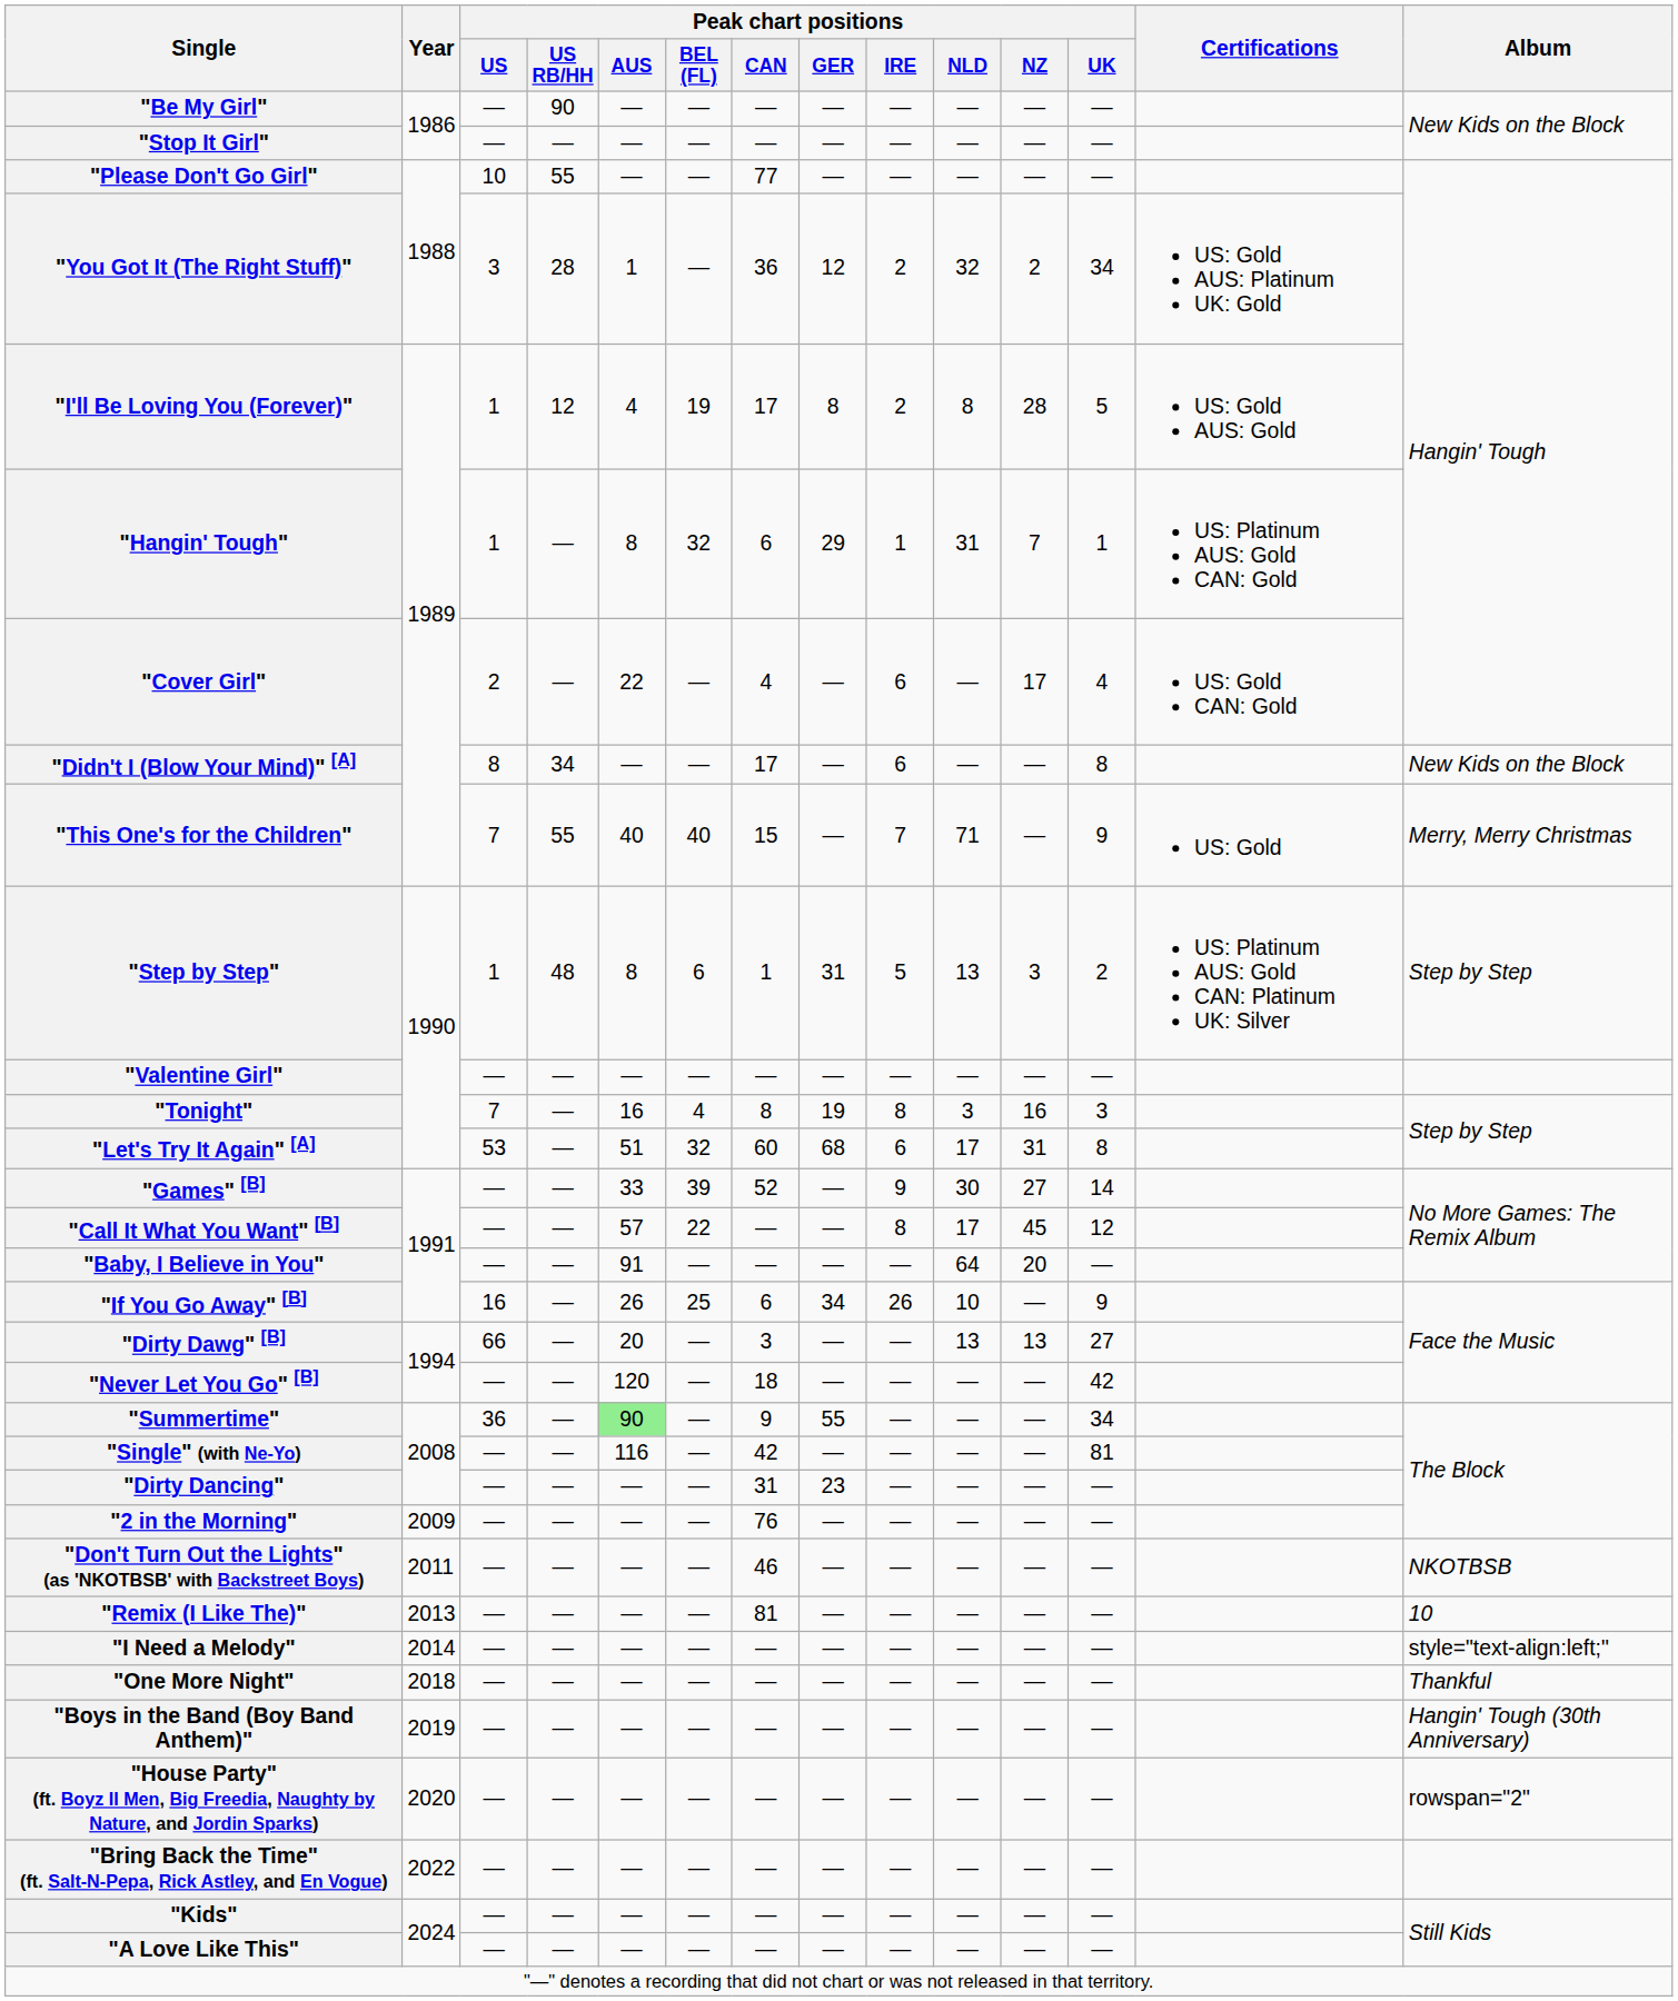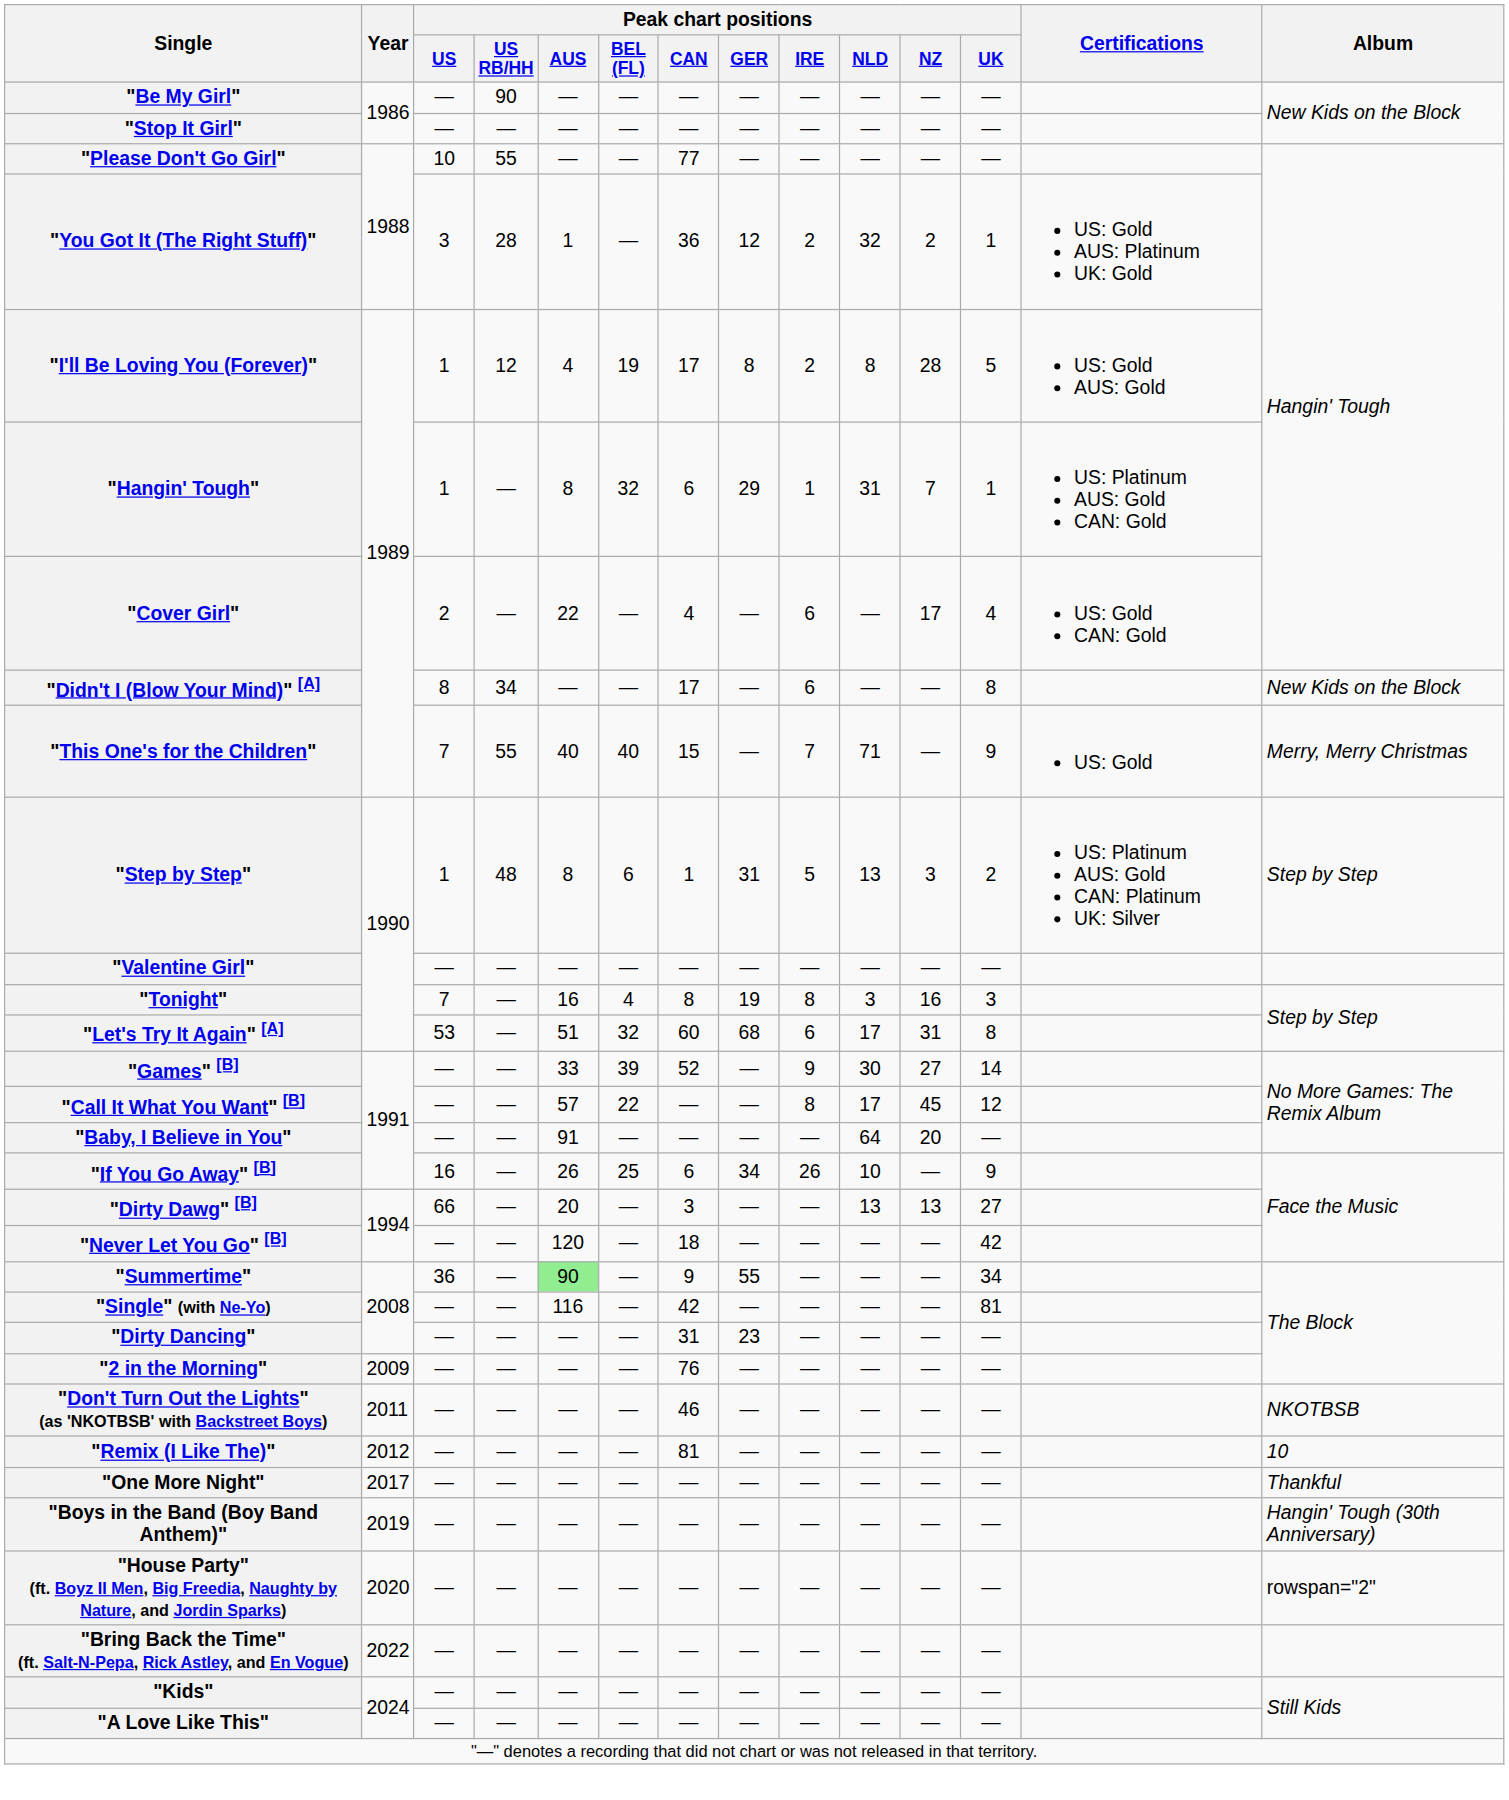 <table class="wikitable plainrowheaders">
 <tr>
 <th scope="col" rowspan="2" style="width:18em;">Single</th>
 <th scope="col" rowspan="2">Year</th>
 <th scope="col" colspan="10">Peak chart positions</th>
 <th scope="col" rowspan="2" style="width:12em;"><a href='#'>Certifications</a></th>
 <th scope="col" rowspan="2" style="width:12em;">Album</th>
 </tr>
 <tr>
 <th scope="col" style="width:3em;font-size:90%"><a href='#'>US</a><br></th>
 <th scope="col" style="width:3em;font-size:90%"><a href='#'>US<br>RB/HH</a><br></th>
 <th scope="col" style="width:3em;font-size:90%;"><a href='#'>AUS</a><br></th>
 <th scope="col" style="width:3em;font-size:90%;"><a href='#'>BEL<br>(FL)</a><br></th>
 <th scope="col" style="width:3em;font-size:90%;"><a href='#'>CAN</a><br></th>
 <th scope="col" style="width:3em;font-size:90%;"><a href='#'>GER</a><br></th>
 <th scope="col" style="width:3em;font-size:90%;"><a href='#'>IRE</a><br></th>
 <th scope="col" style="width:3em;font-size:90%;"><a href='#'>NLD</a><br></th>
 <th scope="col" style="width:3em;font-size:90%;"><a href='#'>NZ</a><br></th>
 <th scope="col" style="width:3em;font-size:90%;"><a href='#'>UK</a><br></th>
 </tr>
 <tr>
 <th scope="row">"<a href='#'>Be My Girl</a>"</th>
 <td rowspan="2">1986</td>
 <td align="center">—</td>
 <td align="center">90</td>
 <td align="center">—</td>
 <td align="center">—</td>
 <td align="center">—</td>
 <td align="center">—</td>
 <td align="center">—</td>
 <td align="center">—</td>
 <td align="center">—</td>
 <td align="center">—</td>
 <td></td>
 <td style="text-align:left;" rowspan="2"><em>New Kids on the Block</em></td>
 </tr>
 <tr>
 <th scope="row">"<a href='#'>Stop It Girl</a>"</th>
 <td align="center">—</td>
 <td align="center">—</td>
 <td align="center">—</td>
 <td align="center">—</td>
 <td align="center">—</td>
 <td align="center">—</td>
 <td align="center">—</td>
 <td align="center">—</td>
 <td align="center">—</td>
 <td align="center">—</td>
 <td></td>
 </tr>
 <tr>
 <th scope="row">"<a href='#'>Please Don't Go Girl</a>"</th>
 <td rowspan="2">1988</td>
 <td align="center">10</td>
 <td align="center">55</td>
 <td align="center">—</td>
 <td align="center">—</td>
 <td align="center">77</td>
 <td align="center">—</td>
 <td align="center">—</td>
 <td align="center">—</td>
 <td align="center">—</td>
 <td align="center">—</td>
 <td></td>
 <td style="text-align:left;" rowspan="5"><em>Hangin' Tough</em></td>
 </tr>
 <tr>
 <th scope="row">"<a href='#'>You Got It (The Right Stuff)</a>"</th>
 <td align="center">3</td>
 <td align="center">28</td>
 <td align="center">1</td>
 <td align="center">—</td>
 <td align="center">36</td>
 <td align="center">12</td>
 <td align="center">2</td>
 <td align="center">32</td>
 <td align="center">2</td>
-<td align="center">34</td>
+<td align="center">1</td>
 <td><br><ul><li>US: Gold</li><li>AUS: Platinum</li><li>UK: Gold</li></ul></td>
 </tr>
 <tr>
 <th scope="row">"<a href='#'>I'll Be Loving You (Forever)</a>"</th>
 <td rowspan="5">1989</td>
 <td align="center">1</td>
 <td align="center">12</td>
 <td align="center">4</td>
 <td align="center">19</td>
 <td align="center">17</td>
 <td align="center">8</td>
 <td align="center">2</td>
 <td align="center">8</td>
 <td align="center">28</td>
 <td align="center">5</td>
 <td><br><ul><li>US: Gold</li><li>AUS: Gold</li></ul></td>
 </tr>
 <tr>
 <th scope="row">"<a href='#'>Hangin' Tough</a>"</th>
 <td align="center">1</td>
 <td align="center">—</td>
 <td align="center">8</td>
 <td align="center">32</td>
 <td align="center">6</td>
 <td align="center">29</td>
 <td align="center">1</td>
 <td align="center">31</td>
 <td align="center">7</td>
 <td align="center">1</td>
 <td><br><ul><li>US: Platinum</li><li>AUS: Gold</li><li>CAN: Gold</li></ul></td>
 </tr>
 <tr>
 <th scope="row">"<a href='#'>Cover Girl</a>"</th>
 <td align="center">2</td>
 <td align="center">—</td>
 <td align="center">22</td>
 <td align="center">—</td>
 <td align="center">4</td>
 <td align="center">—</td>
 <td align="center">6</td>
 <td align="center">—</td>
 <td align="center">17</td>
 <td align="center">4</td>
 <td><br><ul><li>US: Gold</li><li>CAN: Gold</li></ul></td>
 </tr>
 <tr>
 <th scope="row">"<a href='#'>Didn't I (Blow Your Mind)</a>" <sup><span></span><a href='#'><strong>[A]</strong></a></sup></th>
 <td align="center">8</td>
 <td align="center">34</td>
 <td align="center">—</td>
 <td align="center">—</td>
 <td align="center">17</td>
 <td align="center">—</td>
 <td align="center">6</td>
 <td align="center">—</td>
 <td align="center">—</td>
 <td align="center">8</td>
 <td></td>
 <td style="text-align:left;" rowspan="1"><em>New Kids on the Block</em></td>
 </tr>
 <tr>
 <th scope="row">"<a href='#'>This One's for the Children</a>"</th>
 <td align="center">7</td>
 <td align="center">55</td>
 <td align="center">40</td>
 <td align="center">40</td>
 <td align="center">15</td>
 <td align="center">—</td>
 <td align="center">7</td>
 <td align="center">71</td>
 <td align="center">—</td>
 <td align="center">9</td>
 <td><br><ul><li>US: Gold</li></ul></td>
 <td style="text-align:left;"><em>Merry, Merry Christmas</em></td>
 </tr>
 <tr>
 <th scope="row">"<a href='#'>Step by Step</a>"</th>
 <td rowspan="4">1990</td>
 <td align="center">1</td>
 <td align="center">48</td>
 <td align="center">8</td>
 <td align="center">6</td>
 <td align="center">1</td>
 <td align="center">31</td>
 <td align="center">5</td>
 <td align="center">13</td>
 <td align="center">3</td>
 <td align="center">2</td>
 <td><br><ul><li>US: Platinum</li><li>AUS: Gold</li><li>CAN: Platinum</li><li>UK: Silver</li></ul></td>
 <td style="text-align:left;"><em>Step by Step</em></td>
 </tr>
 <tr>
 <th scope="row">"<a href='#'>Valentine Girl</a>"</th>
 <td align="center">—</td>
 <td align="center">—</td>
 <td align="center">—</td>
 <td align="center">—</td>
 <td align="center">—</td>
 <td align="center">—</td>
 <td align="center">—</td>
 <td align="center">—</td>
 <td align="center">—</td>
 <td align="center">—</td>
 <td></td>
 <td></td>
 </tr>
 <tr>
 <th scope="row">"<a href='#'>Tonight</a>"</th>
 <td align="center">7</td>
 <td align="center">—</td>
 <td align="center">16</td>
 <td align="center">4</td>
 <td align="center">8</td>
 <td align="center">19</td>
 <td align="center">8</td>
 <td align="center">3</td>
 <td align="center">16</td>
 <td align="center">3</td>
 <td></td>
 <td style="text-align:left;" rowspan="2"><em>Step by Step</em></td>
 </tr>
 <tr>
 <th scope="row">"<a href='#'>Let's Try It Again</a>" <sup><span></span><a href='#'><strong>[A]</strong></a></sup></th>
 <td align="center">53</td>
 <td align="center">—</td>
 <td align="center">51</td>
 <td align="center">32</td>
 <td align="center">60</td>
 <td align="center">68</td>
 <td align="center">6</td>
 <td align="center">17</td>
 <td align="center">31</td>
 <td align="center">8</td>
 <td></td>
 </tr>
 <tr>
 <th scope="row">"<a href='#'>Games</a>" <sup><span></span><a href='#'><strong>[B]</strong></a></sup></th>
 <td rowspan="4">1991</td>
 <td align="center">—</td>
 <td align="center">—</td>
 <td align="center">33</td>
 <td align="center">39</td>
 <td align="center">52</td>
 <td align="center">—</td>
 <td align="center">9</td>
 <td align="center">30</td>
 <td align="center">27</td>
 <td align="center">14</td>
 <td></td>
 <td style="text-align:left;" rowspan="3"><em>No More Games: The Remix Album</em></td>
 </tr>
 <tr>
 <th scope="row">"<a href='#'>Call It What You Want</a>" <sup><span></span><a href='#'><strong>[B]</strong></a></sup></th>
 <td align="center">—</td>
 <td align="center">—</td>
 <td align="center">57</td>
 <td align="center">22</td>
 <td align="center">—</td>
 <td align="center">—</td>
 <td align="center">8</td>
 <td align="center">17</td>
 <td align="center">45</td>
 <td align="center">12</td>
 <td></td>
 </tr>
 <tr>
 <th scope="row">"<a href='#'>Baby, I Believe in You</a>"</th>
 <td align="center">—</td>
 <td align="center">—</td>
 <td align="center">91</td>
 <td align="center">—</td>
 <td align="center">—</td>
 <td align="center">—</td>
 <td align="center">—</td>
 <td align="center">64</td>
 <td align="center">20</td>
 <td align="center">—</td>
 <td></td>
 </tr>
 <tr>
 <th scope="row">"<a href='#'>If You Go Away</a>" <sup><span></span><a href='#'><strong>[B]</strong></a></sup></th>
 <td align="center">16</td>
 <td align="center">—</td>
 <td align="center">26</td>
 <td align="center">25</td>
 <td align="center">6</td>
 <td align="center">34</td>
 <td align="center">26</td>
 <td align="center">10</td>
 <td align="center">—</td>
 <td align="center">9</td>
 <td></td>
 <td style="text-align:left;" rowspan="3"><em>Face the Music</em></td>
 </tr>
 <tr>
 <th scope="row">"<a href='#'>Dirty Dawg</a>" <sup><span></span><a href='#'><strong>[B]</strong></a></sup></th>
 <td rowspan="2">1994</td>
 <td align="center">66</td>
 <td align="center">—</td>
 <td align="center">20</td>
 <td align="center">—</td>
 <td align="center">3</td>
 <td align="center">—</td>
 <td align="center">—</td>
 <td align="center">13</td>
 <td align="center">13</td>
 <td align="center">27</td>
 <td></td>
 </tr>
 <tr>
 <th scope="row">"<a href='#'>Never Let You Go</a>" <sup><span></span><a href='#'><strong>[B]</strong></a></sup></th>
 <td align="center">—</td>
 <td align="center">—</td>
 <td align="center">120</td>
 <td align="center">—</td>
 <td align="center">18</td>
 <td align="center">—</td>
 <td align="center">—</td>
 <td align="center">—</td>
 <td align="center">—</td>
 <td align="center">42</td>
 <td></td>
 </tr>
 <tr>
 <th scope="row">"<a href='#'>Summertime</a>"</th>
 <td rowspan="3">2008</td>
 <td align="center">36</td>
 <td align="center">—</td>
 <td align="center" style="background: lightgreen;">90</td>
 <td align="center">—</td>
 <td align="center">9</td>
 <td align="center">55</td>
 <td align="center">—</td>
 <td align="center">—</td>
 <td align="center">—</td>
 <td align="center">34</td>
 <td></td>
 <td style="text-align:left;" rowspan="4"><em>The Block</em></td>
 </tr>
 <tr>
 <th scope="row">"<a href='#'>Single</a>" <small>(with <a href='#'>Ne-Yo</a>)</small></th>
 <td align="center">—</td>
 <td align="center">—</td>
 <td align="center">116</td>
 <td align="center">—</td>
 <td align="center">42</td>
 <td align="center">—</td>
 <td align="center">—</td>
 <td align="center">—</td>
 <td align="center">—</td>
 <td align="center">81</td>
 <td></td>
 </tr>
 <tr>
 <th scope="row">"<a href='#'>Dirty Dancing</a>"</th>
 <td align="center">—</td>
 <td align="center">—</td>
 <td align="center">—</td>
 <td align="center">—</td>
 <td align="center">31</td>
 <td align="center">23</td>
 <td align="center">—</td>
 <td align="center">—</td>
 <td align="center">—</td>
 <td align="center">—</td>
 <td></td>
 </tr>
 <tr>
 <th scope="row">"<a href='#'>2 in the Morning</a>"</th>
 <td>2009</td>
 <td align="center">—</td>
 <td align="center">—</td>
 <td align="center">—</td>
 <td align="center">—</td>
 <td align="center">76</td>
 <td align="center">—</td>
 <td align="center">—</td>
 <td align="center">—</td>
 <td align="center">—</td>
 <td align="center">—</td>
 <td></td>
 </tr>
 <tr>
 <th scope="row">"<a href='#'>Don't Turn Out the Lights</a>"<br><small>(as 'NKOTBSB' with <a href='#'>Backstreet Boys</a>)</small></th>
 <td>2011</td>
 <td align="center">—</td>
 <td align="center">—</td>
 <td align="center">—</td>
 <td align="center">—</td>
 <td align="center">46</td>
 <td align="center">—</td>
 <td align="center">—</td>
 <td align="center">—</td>
 <td align="center">—</td>
 <td align="center">—</td>
 <td></td>
 <td style="text-align:left;"><em>NKOTBSB</em></td>
 </tr>
 <tr>
 <th scope="row">"<a href='#'>Remix (I Like The)</a>"</th>
-<td>2013</td>
+<td>2012</td>
 <td align="center">—</td>
 <td align="center">—</td>
 <td align="center">—</td>
 <td align="center">—</td>
 <td align="center">81</td>
 <td align="center">—</td>
 <td align="center">—</td>
 <td align="center">—</td>
 <td align="center">—</td>
 <td align="center">—</td>
 <td></td>
 <td style="text-align:left;"><em>10</em></td>
 </tr>
 <tr>
-<th scope="row">"I Need a Melody"</th>
-<td>2014</td>
-<td align="center">—</td>
-<td align="center">—</td>
-<td align="center">—</td>
-<td align="center">—</td>
-<td align="center">—</td>
-<td align="center">—</td>
-<td align="center">—</td>
-<td align="center">—</td>
-<td align="center">—</td>
-<td align="center">—</td>
-<td></td>
-<td>style="text-align:left;"</td>
-</tr>
-<tr>
 <th scope="row">"One More Night"</th>
-<td>2018</td>
+<td>2017</td>
 <td align="center">—</td>
 <td align="center">—</td>
 <td align="center">—</td>
 <td align="center">—</td>
 <td align="center">—</td>
 <td align="center">—</td>
 <td align="center">—</td>
 <td align="center">—</td>
 <td align="center">—</td>
 <td align="center">—</td>
 <td></td>
 <td style="text-align:left;"><em>Thankful</em></td>
 </tr>
 <tr>
 <th scope="row">"Boys in the Band (Boy Band Anthem)"</th>
 <td>2019</td>
 <td align="center">—</td>
 <td align="center">—</td>
 <td align="center">—</td>
 <td align="center">—</td>
 <td align="center">—</td>
 <td align="center">—</td>
 <td align="center">—</td>
 <td align="center">—</td>
 <td align="center">—</td>
 <td align="center">—</td>
 <td></td>
 <td style="text-align:left;"><em>Hangin' Tough (30th Anniversary)</em></td>
 </tr>
 <tr>
 <th scope="row">"House Party"<br><small>(ft. <a href='#'>Boyz II Men</a>, <a href='#'>Big Freedia</a>, <a href='#'>Naughty by Nature</a>, and <a href='#'>Jordin Sparks</a>)</small></th>
 <td>2020</td>
 <td align="center">—</td>
 <td align="center">—</td>
 <td align="center">—</td>
 <td align="center">—</td>
 <td align="center">—</td>
 <td align="center">—</td>
 <td align="center">—</td>
 <td align="center">—</td>
 <td align="center">—</td>
 <td align="center">—</td>
 <td></td>
 <td>rowspan="2" </td>
 </tr>
 <tr>
 <th scope="row">"Bring Back the Time"<br><small>(ft. <a href='#'>Salt-N-Pepa</a>, <a href='#'>Rick Astley</a>, and <a href='#'>En Vogue</a>)</small></th>
 <td>2022</td>
 <td align="center">—</td>
 <td align="center">—</td>
 <td align="center">—</td>
 <td align="center">—</td>
 <td align="center">—</td>
 <td align="center">—</td>
 <td align="center">—</td>
 <td align="center">—</td>
 <td align="center">—</td>
 <td align="center">—</td>
 <td></td>
 </tr>
 <tr>
 <th scope="row">"Kids"</th>
 <td rowspan="2">2024</td>
 <td align="center">—</td>
 <td align="center">—</td>
 <td align="center">—</td>
 <td align="center">—</td>
 <td align="center">—</td>
 <td align="center">—</td>
 <td align="center">—</td>
 <td align="center">—</td>
 <td align="center">—</td>
 <td align="center">—</td>
 <td></td>
 <td rowspan="2"><em>Still Kids</em></td>
 </tr>
 <tr>
 <th scope="row">"A Love Like This"</th>
 <td align="center">—</td>
 <td align="center">—</td>
 <td align="center">—</td>
 <td align="center">—</td>
 <td align="center">—</td>
 <td align="center">—</td>
 <td align="center">—</td>
 <td align="center">—</td>
 <td align="center">—</td>
 <td align="center">—</td>
 <td></td>
 </tr>
 <tr>
 <td colspan="14" style="text-align:center; font-size: 85%">"—" denotes a recording that did not chart or was not released in that territory.</td>
 </tr>
 </table>
